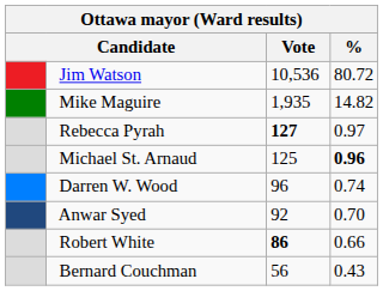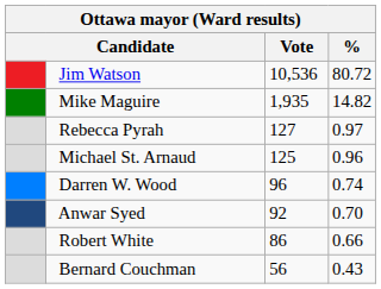 <table class="wikitable">
 <tr>
 <th colspan="4">Ottawa mayor (Ward results)</th>
 </tr>
 <tr>
 <th bgcolor="#DDDDFF" width="230px" colspan="2">Candidate</th>
 <th bgcolor="#DDDDFF" width="50px">Vote</th>
 <th bgcolor="#DDDDFF" width="30px">%</th>
 </tr>
 <tr>
 <td bgcolor=#ED1D24 width="30px"> </td>
 <td>  <a href='#'>Jim Watson</a></td>
 <td>10,536</td>
 <td>80.72</td>
 </tr>
 <tr>
 <td bgcolor=#008000 width="30px"> </td>
 <td>  Mike Maguire</td>
 <td>1,935</td>
 <td>14.82</td>
 </tr>
 <tr>
 <td bgcolor=#DCDCDC width="30px"> </td>
 <td>  Rebecca Pyrah</td>
-<td><strong>127</strong></td>
+<td>127</td>
 <td>0.97</td>
 </tr>
 <tr>
 <td bgcolor=#DCDCDC width="30px"> </td>
 <td>  Michael St. Arnaud</td>
 <td>125</td>
-<td><strong>0.96</strong></td>
+<td>0.96</td>
 </tr>
 <tr>
 <td bgcolor=#007FFF width="30px"> </td>
 <td>  Darren W. Wood</td>
 <td>96</td>
 <td>0.74</td>
 </tr>
 <tr>
 <td bgcolor=#20487E width="30px"> </td>
 <td>  Anwar Syed</td>
 <td>92</td>
 <td>0.70</td>
 </tr>
 <tr>
 <td bgcolor=#DCDCDC width="30px"> </td>
 <td>  Robert White</td>
-<td><strong>86</strong></td>
+<td>86</td>
 <td>0.66</td>
 </tr>
 <tr>
 <td bgcolor=#DCDCDC width="30px"> </td>
 <td>  Bernard Couchman</td>
 <td>56</td>
 <td>0.43</td>
 </tr>
 </table>
